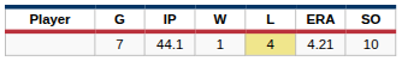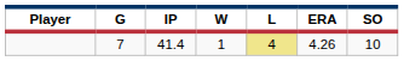 <table class="wikitable sortable">
 <tr>
 <th style="background:#FFFFFF; border-top:#023465 5px solid; border-bottom:#ba313c 5px solid;" width="16%">Player</th>
 <th style="background:#FFFFFF; border-top:#023465 5px solid; border-bottom:#ba313c 5px solid;" width="9%">G</th>
 <th style="background:#FFFFFF; border-top:#023465 5px solid; border-bottom:#ba313c 5px solid;" width="9%">IP</th>
 <th style="background:#FFFFFF; border-top:#023465 5px solid; border-bottom:#ba313c 5px solid;" width="9%">W</th>
 <th style="background:#FFFFFF; border-top:#023465 5px solid; border-bottom:#ba313c 5px solid;" width="9%">L</th>
 <th style="background:#FFFFFF; border-top:#023465 5px solid; border-bottom:#ba313c 5px solid;" width="9%">ERA</th>
 <th style="background:#FFFFFF; border-top:#023465 5px solid; border-bottom:#ba313c 5px solid;" width="9%">SO</th>
 </tr>
 <tr align="center">
 <td></td>
 <td>7</td>
-<td>44.1</td>
+<td>41.4</td>
 <td>1</td>
 <td style="background: khaki;">4</td>
-<td>4.21</td>
+<td>4.26</td>
 <td>10</td>
 </tr>
 </table>
